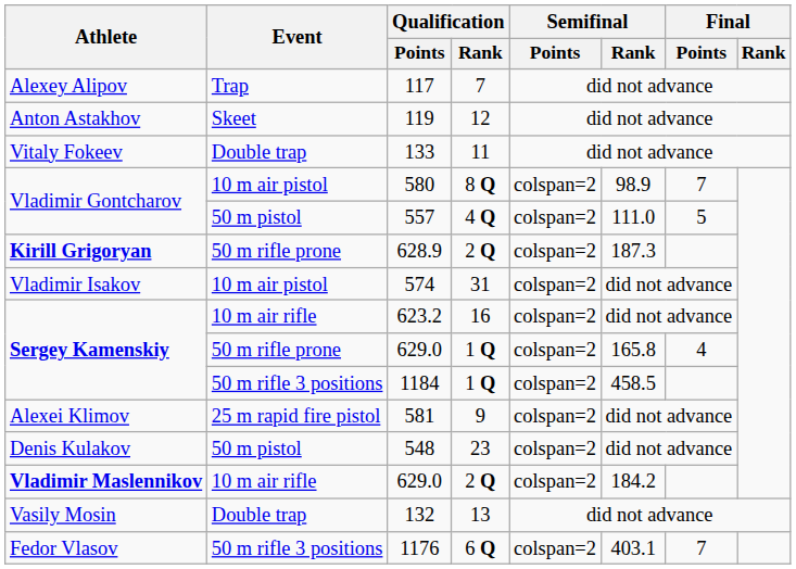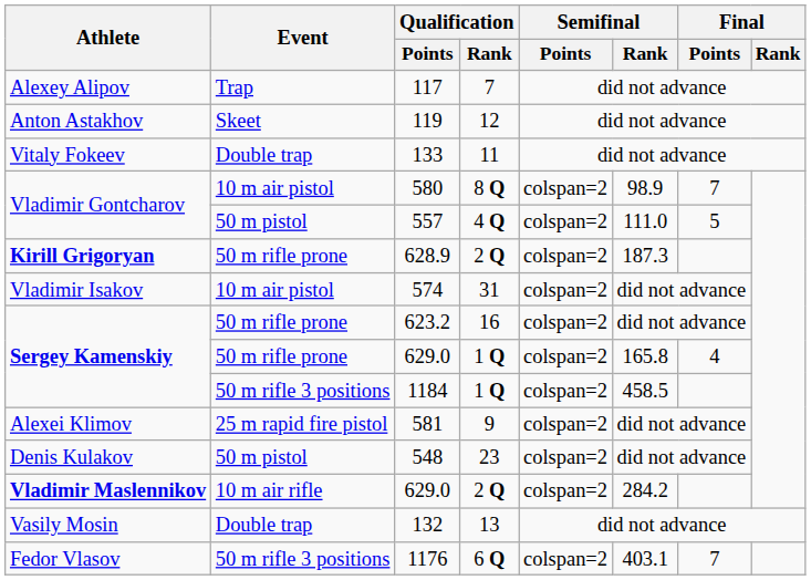 <table class="wikitable" style="font-size:90%">
 <tr>
 <th rowspan="2">Athlete</th>
 <th rowspan="2">Event</th>
 <th colspan=2>Qualification</th>
 <th colspan=2>Semifinal</th>
 <th colspan=2>Final</th>
 </tr>
 <tr style="font-size:95%">
 <th>Points</th>
 <th>Rank</th>
 <th>Points</th>
 <th>Rank</th>
 <th>Points</th>
 <th>Rank</th>
 </tr>
 <tr align=center>
 <td align=left><a href='#'>Alexey Alipov</a></td>
 <td align=left><a href='#'>Trap</a></td>
 <td>117</td>
 <td>7</td>
 <td colspan=4>did not advance</td>
 </tr>
 <tr align=center>
 <td align=left><a href='#'>Anton Astakhov</a></td>
 <td align=left><a href='#'>Skeet</a></td>
 <td>119</td>
 <td>12</td>
 <td colspan=4>did not advance</td>
 </tr>
 <tr align=center>
 <td align=left><a href='#'>Vitaly Fokeev</a></td>
 <td align=left><a href='#'>Double trap</a></td>
 <td>133</td>
 <td>11</td>
 <td colspan=4>did not advance</td>
 </tr>
 <tr align=center>
 <td align=left rowspan=2><a href='#'>Vladimir Gontcharov</a></td>
 <td align=left><a href='#'>10 m air pistol</a></td>
 <td>580</td>
 <td>8 <strong>Q</strong></td>
 <td>colspan=2 </td>
 <td>98.9</td>
 <td>7</td>
 </tr>
 <tr align=center>
 <td align=left><a href='#'>50 m pistol</a></td>
 <td>557</td>
 <td>4 <strong>Q</strong></td>
 <td>colspan=2 </td>
 <td>111.0</td>
 <td>5</td>
 </tr>
 <tr align=center>
 <td align=left><strong><a href='#'>Kirill Grigoryan</a></strong></td>
 <td align=left><a href='#'>50 m rifle prone</a></td>
 <td>628.9</td>
 <td>2 <strong>Q</strong></td>
 <td>colspan=2 </td>
 <td>187.3</td>
 <td></td>
 </tr>
 <tr align=center>
 <td align=left><a href='#'>Vladimir Isakov</a></td>
 <td align=left><a href='#'>10 m air pistol</a></td>
 <td>574</td>
 <td>31</td>
 <td>colspan=2 </td>
 <td colspan=2>did not advance</td>
 </tr>
 <tr align=center>
 <td align=left rowspan=3><strong><a href='#'>Sergey Kamenskiy</a></strong></td>
-<td align=left><a href='#'>10 m air rifle</a></td>
+<td align=left><a href='#'>50 m rifle prone</a></td>
 <td>623.2</td>
 <td>16</td>
 <td>colspan=2 </td>
 <td colspan=2>did not advance</td>
 </tr>
 <tr align=center>
 <td align=left><a href='#'>50 m rifle prone</a></td>
 <td>629.0 </td>
 <td>1 <strong>Q</strong></td>
 <td>colspan=2 </td>
 <td>165.8</td>
 <td>4</td>
 </tr>
 <tr align=center>
 <td align=left><a href='#'>50 m rifle 3 positions</a></td>
 <td>1184</td>
 <td>1 <strong>Q</strong></td>
 <td>colspan=2 </td>
 <td>458.5</td>
 <td></td>
 </tr>
 <tr align=center>
 <td align=left><a href='#'>Alexei Klimov</a></td>
 <td align=left><a href='#'>25 m rapid fire pistol</a></td>
 <td>581</td>
 <td>9</td>
 <td>colspan=2 </td>
 <td colspan=2>did not advance</td>
 </tr>
 <tr align=center>
 <td align=left><a href='#'>Denis Kulakov</a></td>
 <td align=left><a href='#'>50 m pistol</a></td>
 <td>548</td>
 <td>23</td>
 <td>colspan=2 </td>
 <td colspan=2>did not advance</td>
 </tr>
 <tr align=center>
 <td align=left><strong><a href='#'>Vladimir Maslennikov</a></strong></td>
 <td align=left><a href='#'>10 m air rifle</a></td>
 <td>629.0</td>
 <td>2 <strong>Q</strong></td>
 <td>colspan=2 </td>
-<td>184.2</td>
+<td>284.2</td>
 <td></td>
 </tr>
 <tr align=center>
 <td align=left><a href='#'>Vasily Mosin</a></td>
 <td align=left><a href='#'>Double trap</a></td>
 <td>132</td>
 <td>13</td>
 <td colspan=4>did not advance</td>
 </tr>
 <tr align=center>
 <td align=left><a href='#'>Fedor Vlasov</a></td>
 <td align=left><a href='#'>50 m rifle 3 positions</a></td>
 <td>1176</td>
 <td>6 <strong>Q</strong></td>
 <td>colspan=2 </td>
 <td>403.1</td>
 <td>7</td>
 </tr>
 </table>
